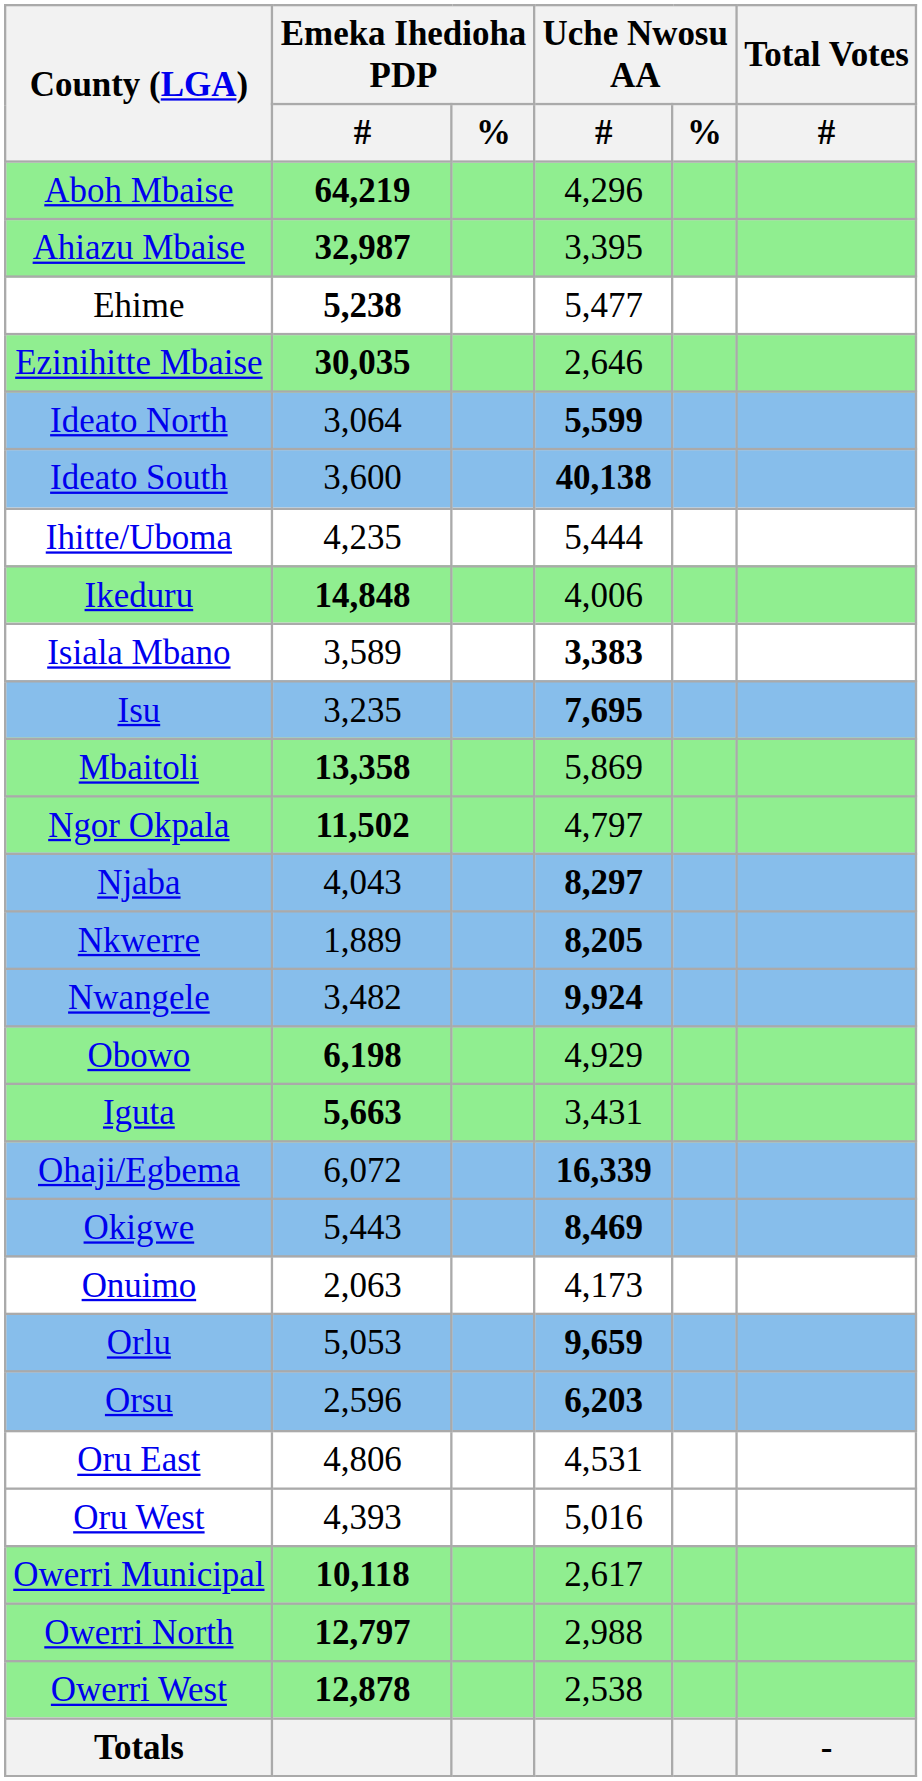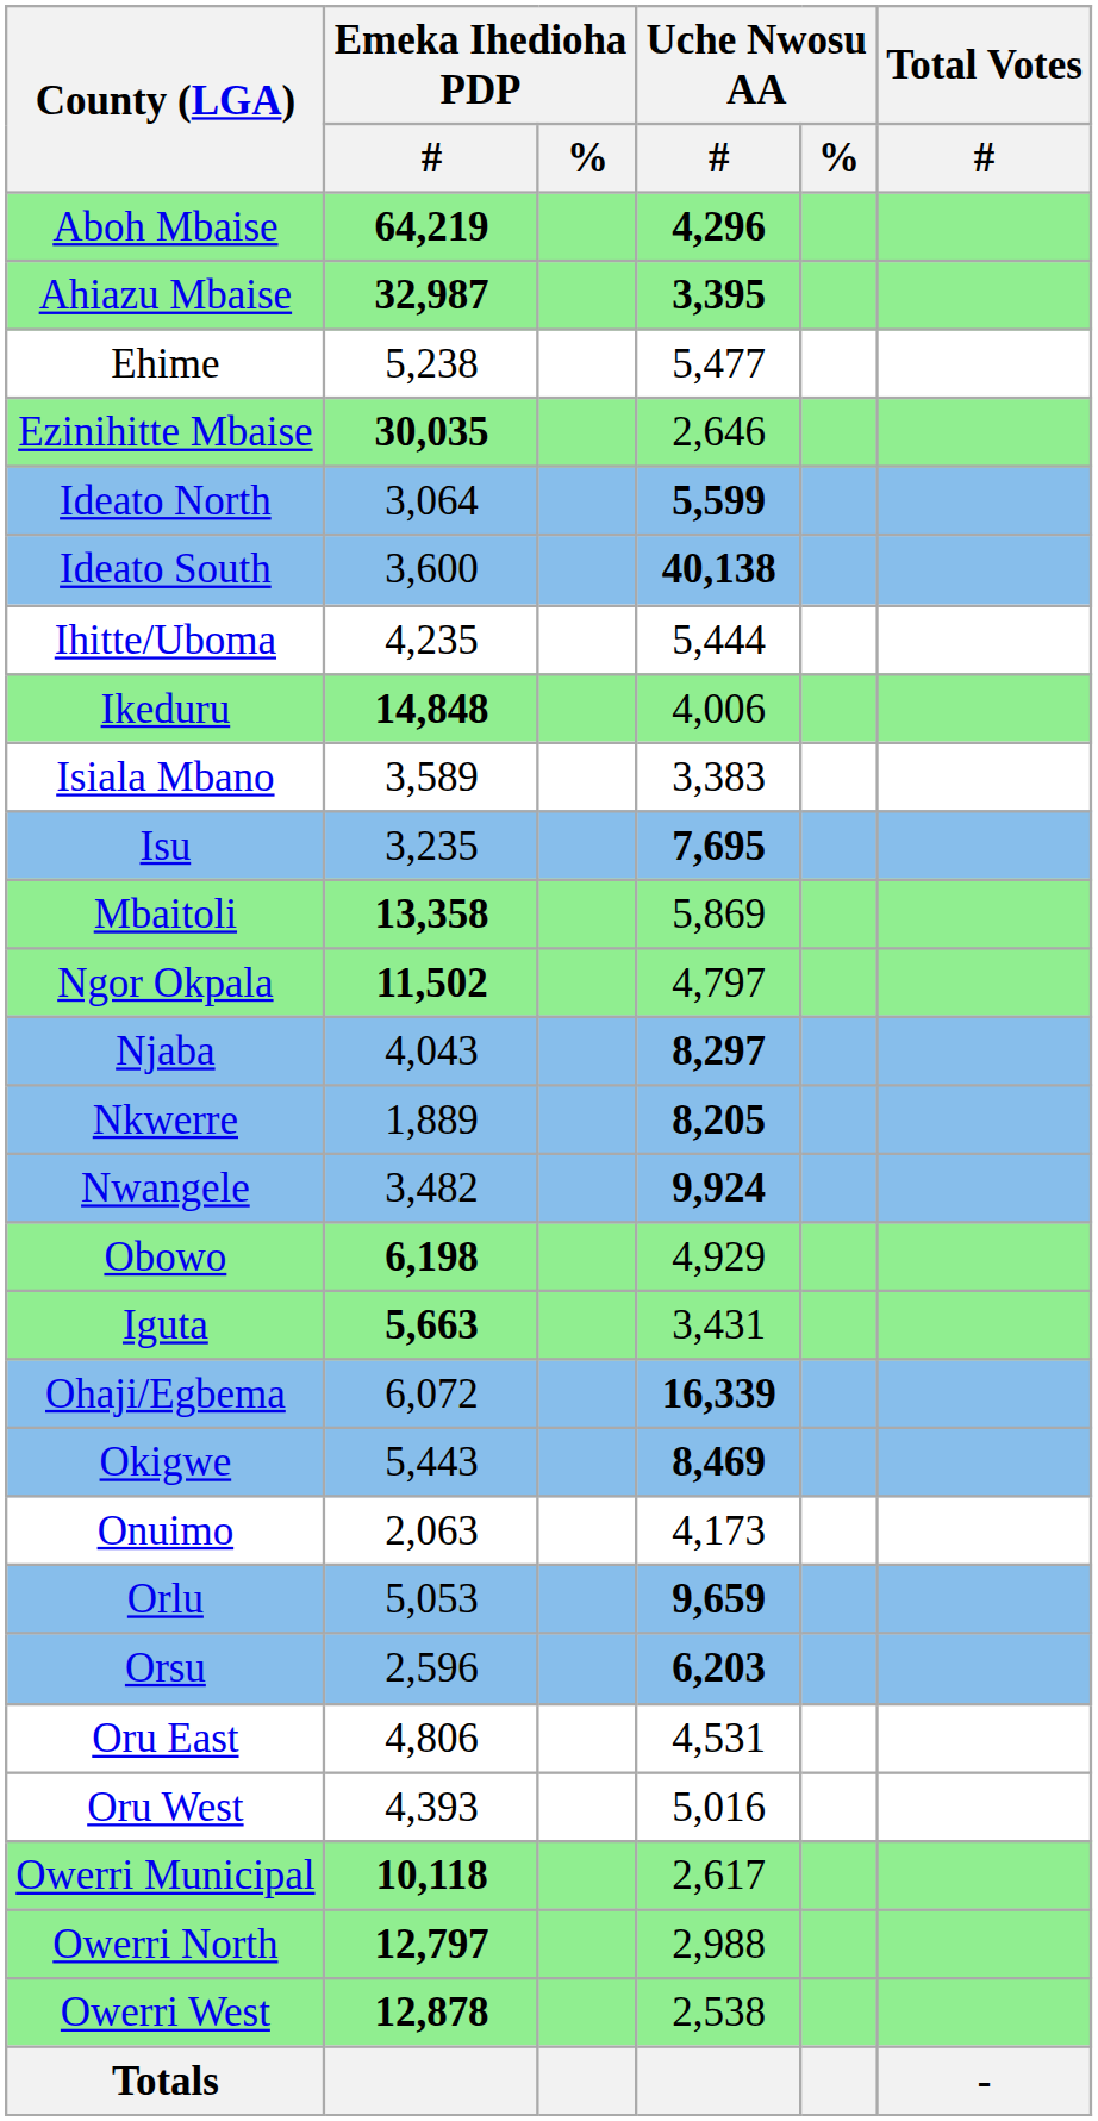 <table class="wikitable sortable" style=" font-size: 95%">
 <tr>
 <th rowspan="2">County (<a href='#'>LGA</a>)</th>
 <th colspan="2">Emeka Ihedioha<br>PDP</th>
 <th colspan="2">Uche Nwosu<br>AA</th>
 <th>Total Votes</th>
 </tr>
 <tr>
 <th>#</th>
 <th>%</th>
 <th>#</th>
 <th>%</th>
 <th>#</th>
 </tr>
 <tr>
 <td bgcolor=#90EE90 align="center"><a href='#'>Aboh Mbaise</a></td>
 <td bgcolor=#90EE90 align="center"><strong>64,219</strong></td>
 <td bgcolor=#90EE90 align="center"></td>
-<td bgcolor=#90EE90 align="center">4,296</td>
+<td bgcolor=#90EE90 align="center"><strong>4,296</strong></td>
 <td bgcolor=#90EE90 align="center"></td>
 <td bgcolor=#90EE90 align="center"></td>
 </tr>
 <tr>
 <td bgcolor=#90EE90 align="center"><a href='#'>Ahiazu Mbaise</a></td>
 <td bgcolor=#90EE90 align="center"><strong>32,987</strong></td>
 <td bgcolor=#90EE90 align="center"></td>
-<td bgcolor=#90EE90 align="center">3,395</td>
+<td bgcolor=#90EE90 align="center"><strong>3,395</strong></td>
 <td bgcolor=#90EE90 align="center"></td>
 <td bgcolor=#90EE90 align="center"></td>
 </tr>
 <tr>
 <td bgcolor=#FFFFFF align="center">Ehime</td>
-<td bgcolor=#FFFFFF align="center"><strong>5,238</strong></td>
+<td bgcolor=#FFFFFF align="center">5,238</td>
 <td bgcolor=#FFFFFF align="center"></td>
 <td bgcolor=#FFFFFF align="center">5,477</td>
 <td bgcolor=#FFFFFF align="center"></td>
 <td bgcolor=#FFFFFF align="center"></td>
 </tr>
 <tr>
 <td bgcolor=#90EE90 align="center"><a href='#'>Ezinihitte Mbaise</a></td>
 <td bgcolor=#90EE90 align="center"><strong>30,035</strong></td>
 <td bgcolor=#90EE90 align="center"></td>
 <td bgcolor=#90EE90 align="center">2,646</td>
 <td bgcolor=#90EE90 align="center"></td>
 <td bgcolor=#90EE90 align="center"></td>
 </tr>
 <tr>
 <td bgcolor=#87BEEB align="center"><a href='#'>Ideato North</a></td>
 <td bgcolor=#87BEEB align="center">3,064</td>
 <td bgcolor=#87BEEB align="center"></td>
 <td bgcolor=#87BEEB align="center"><strong>5,599</strong></td>
 <td bgcolor=#87BEEB align="center"></td>
 <td bgcolor=#87BEEB align="center"></td>
 </tr>
 <tr>
 <td bgcolor=#87BEEB align="center"><a href='#'>Ideato South</a></td>
 <td bgcolor=#87BEEB align="center">3,600</td>
 <td bgcolor=#87BEEB align="center"></td>
 <td bgcolor=#87BEEB align="center"><strong>40,138</strong></td>
 <td bgcolor=#87BEEB align="center"></td>
 <td bgcolor=#87BEEB align="center"></td>
 </tr>
 <tr>
 <td bgcolor=#FFFFFF align="center"><a href='#'>Ihitte/Uboma</a></td>
 <td bgcolor=#FFFFFF align="center">4,235</td>
 <td bgcolor=#FFFFFF align="center"></td>
 <td bgcolor=#FFFFFF align="center">5,444</td>
 <td bgcolor=#FFFFFF align="center"></td>
 <td bgcolor=#FFFFFF align="center"></td>
 </tr>
 <tr>
 <td bgcolor=#90EE90 align="center"><a href='#'>Ikeduru</a></td>
 <td bgcolor=#90EE90 align="center"><strong>14,848</strong></td>
 <td bgcolor=#90EE90 align="center"></td>
 <td bgcolor=#90EE90 align="center">4,006</td>
 <td bgcolor=#90EE90 align="center"></td>
 <td bgcolor=#90EE90 align="center"></td>
 </tr>
 <tr>
 <td bgcolor=#FFFFFF align="center"><a href='#'>Isiala Mbano</a></td>
 <td bgcolor=#FFFFFF align="center">3,589</td>
 <td bgcolor=#FFFFFF align="center"></td>
-<td bgcolor=#FFFFFF align="center"><strong>3,383</strong></td>
+<td bgcolor=#FFFFFF align="center">3,383</td>
 <td bgcolor=#FFFFFF align="center"></td>
 <td bgcolor=#FFFFFF align="center"></td>
 </tr>
 <tr>
 <td bgcolor=#87BEEB align="center"><a href='#'>Isu</a></td>
 <td bgcolor=#87BEEB align="center">3,235</td>
 <td bgcolor=#87BEEB align="center"></td>
 <td bgcolor=#87BEEB align="center"><strong>7,695</strong></td>
 <td bgcolor=#87BEEB align="center"></td>
 <td bgcolor=#87BEEB align="center"></td>
 </tr>
 <tr>
 <td bgcolor=#90EE90 align="center"><a href='#'>Mbaitoli</a></td>
 <td bgcolor=#90EE90 align="center"><strong>13,358</strong></td>
 <td bgcolor=#90EE90 align="center"></td>
 <td bgcolor=#90EE90 align="center">5,869</td>
 <td bgcolor=#90EE90 align="center"></td>
 <td bgcolor=#90EE90 align="center"></td>
 </tr>
 <tr>
 <td bgcolor=#90EE90 align="center"><a href='#'>Ngor Okpala</a></td>
 <td bgcolor=#90EE90 align="center"><strong>11,502</strong></td>
 <td bgcolor=#90EE90 align="center"></td>
 <td bgcolor=#90EE90 align="center">4,797</td>
 <td bgcolor=#90EE90 align="center"></td>
 <td bgcolor=#90EE90 align="center"></td>
 </tr>
 <tr>
 <td bgcolor=#87BEEB align="center"><a href='#'>Njaba</a></td>
 <td bgcolor=#87BEEB align="center">4,043</td>
 <td bgcolor=#87BEEB align="center"></td>
 <td bgcolor=#87BEEB align="center"><strong>8,297</strong></td>
 <td bgcolor=#87BEEB align="center"></td>
 <td bgcolor=#87BEEB align="center"></td>
 </tr>
 <tr>
 <td bgcolor=#87BEEB align="center"><a href='#'>Nkwerre</a></td>
 <td bgcolor=#87BEEB align="center">1,889</td>
 <td bgcolor=#87BEEB align="center"></td>
 <td bgcolor=#87BEEB align="center"><strong>8,205</strong></td>
 <td bgcolor=#87BEEB align="center"></td>
 <td bgcolor=#87BEEB align="center"></td>
 </tr>
 <tr>
 <td bgcolor=#87BEEB align="center"><a href='#'>Nwangele</a></td>
 <td bgcolor=#87BEEB align="center">3,482</td>
 <td bgcolor=#87BEEB align="center"></td>
 <td bgcolor=#87BEEB align="center"><strong>9,924</strong></td>
 <td bgcolor=#87BEEB align="center"></td>
 <td bgcolor=#87BEEB align="center"></td>
 </tr>
 <tr>
 <td bgcolor=#90EE90 align="center"><a href='#'>Obowo</a></td>
 <td bgcolor=#90EE90 align="center"><strong>6,198</strong></td>
 <td bgcolor=#90EE90 align="center"></td>
 <td bgcolor=#90EE90 align="center">4,929</td>
 <td bgcolor=#90EE90 align="center"></td>
 <td bgcolor=#90EE90 align="center"></td>
 </tr>
 <tr>
 <td bgcolor=#90EE90 align="center"><a href='#'>Iguta</a></td>
 <td bgcolor=#90EE90 align="center"><strong>5,663</strong></td>
 <td bgcolor=#90EE90 align="center"></td>
 <td bgcolor=#90EE90 align="center">3,431</td>
 <td bgcolor=#90EE90 align="center"></td>
 <td bgcolor=#90EE90 align="center"></td>
 </tr>
 <tr>
 <td bgcolor=#87BEEB align="center"><a href='#'>Ohaji/Egbema</a></td>
 <td bgcolor=#87BEEB align="center">6,072</td>
 <td bgcolor=#87BEEB align="center"></td>
 <td bgcolor=#87BEEB align="center"><strong>16,339</strong></td>
 <td bgcolor=#87BEEB align="center"></td>
 <td bgcolor=#87BEEB align="center"></td>
 </tr>
 <tr>
 <td bgcolor=#87BEEB align="center"><a href='#'>Okigwe</a></td>
 <td bgcolor=#87BEEB align="center">5,443</td>
 <td bgcolor=#87BEEB align="center"></td>
 <td bgcolor=#87BEEB align="center"><strong>8,469</strong></td>
 <td bgcolor=#87BEEB align="center"></td>
 <td bgcolor=#87BEEB align="center"></td>
 </tr>
 <tr>
 <td bgcolor=#FFFFFF align="center"><a href='#'>Onuimo</a></td>
 <td bgcolor=#FFFFFF align="center">2,063</td>
 <td bgcolor=#FFFFFF align="center"></td>
 <td bgcolor=#FFFFFF align="center">4,173</td>
 <td bgcolor=#FFFFFF align="center"></td>
 <td bgcolor=#FFFFFF align="center"></td>
 </tr>
 <tr>
 <td bgcolor=#87BEEB align="center"><a href='#'>Orlu</a></td>
 <td bgcolor=#87BEEB align="center">5,053</td>
 <td bgcolor=#87BEEB align="center"></td>
 <td bgcolor=#87BEEB align="center"><strong>9,659</strong></td>
 <td bgcolor=#87BEEB align="center"></td>
 <td bgcolor=#87BEEB align="center"></td>
 </tr>
 <tr>
 <td bgcolor=#87BEEB align="center"><a href='#'>Orsu</a></td>
 <td bgcolor=#87BEEB align="center">2,596</td>
 <td bgcolor=#87BEEB align="center"></td>
 <td bgcolor=#87BEEB align="center"><strong>6,203</strong></td>
 <td bgcolor=#87BEEB align="center"></td>
 <td bgcolor=#87BEEB align="center"></td>
 </tr>
 <tr>
 <td bgcolor=#FFFFFF align="center"><a href='#'>Oru East</a></td>
 <td bgcolor=#FFFFFF align="center">4,806</td>
 <td bgcolor=#FFFFFF align="center"></td>
 <td bgcolor=#FFFFFF align="center">4,531</td>
 <td bgcolor=#FFFFFF align="center"></td>
 <td bgcolor=#FFFFFF align="center"></td>
 </tr>
 <tr>
 <td bgcolor=#FFFFFF align="center"><a href='#'>Oru West</a></td>
 <td bgcolor=#FFFFFF align="center">4,393</td>
 <td bgcolor=#FFFFFF align="center"></td>
 <td bgcolor=#FFFFFF align="center">5,016</td>
 <td bgcolor=#FFFFFF align="center"></td>
 <td bgcolor=#FFFFFF align="center"></td>
 </tr>
 <tr>
 <td bgcolor=#90EE90 align="center"><a href='#'>Owerri Municipal</a></td>
 <td bgcolor=#90EE90 align="center"><strong>10,118</strong></td>
 <td bgcolor=#90EE90 align="center"></td>
 <td bgcolor=#90EE90 align="center">2,617</td>
 <td bgcolor=#90EE90 align="center"></td>
 <td bgcolor=#90EE90 align="center"></td>
 </tr>
 <tr>
 <td bgcolor=#90EE90 align="center"><a href='#'>Owerri North</a></td>
 <td bgcolor=#90EE90 align="center"><strong>12,797</strong></td>
 <td bgcolor=#90EE90 align="center"></td>
 <td bgcolor=#90EE90 align="center">2,988</td>
 <td bgcolor=#90EE90 align="center"></td>
 <td bgcolor=#90EE90 align="center"></td>
 </tr>
 <tr>
 <td bgcolor=#90EE90 align="center"><a href='#'>Owerri West</a></td>
 <td bgcolor=#90EE90 align="center"><strong>12,878</strong></td>
 <td bgcolor=#90EE90 align="center"></td>
 <td bgcolor=#90EE90 align="center">2,538</td>
 <td bgcolor=#90EE90 align="center"></td>
 <td bgcolor=#90EE90 align="center"></td>
 </tr>
 <tr>
 <th>Totals</th>
 <th></th>
 <th></th>
 <th></th>
 <th></th>
 <th>-</th>
 </tr>
 </table>
